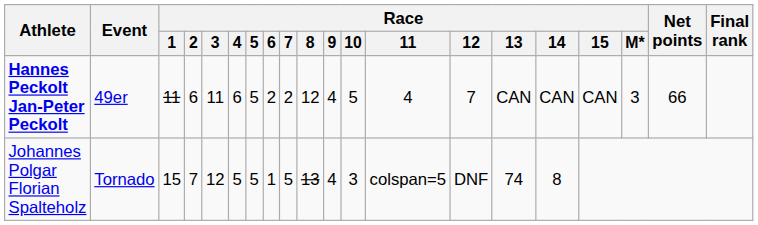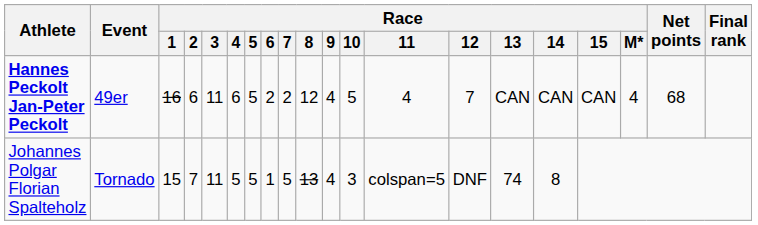 <table class="wikitable" style="font-size:90%">
 <tr>
 <th rowspan=2>Athlete</th>
 <th rowspan=2>Event</th>
 <th colspan=16>Race</th>
 <th rowspan=2>Net points</th>
 <th rowspan=2>Final rank</th>
 </tr>
 <tr style="font-size:95%">
 <th>1</th>
 <th>2</th>
 <th>3</th>
 <th>4</th>
 <th>5</th>
 <th>6</th>
 <th>7</th>
 <th>8</th>
 <th>9</th>
 <th>10</th>
 <th>11</th>
 <th>12</th>
 <th>13</th>
 <th>14</th>
 <th>15</th>
 <th>M*</th>
 </tr>
 <tr align=center>
 <td align=left><strong><a href='#'>Hannes Peckolt</a> <br><a href='#'>Jan-Peter Peckolt</a></strong></td>
 <td align=left><a href='#'>49er</a></td>
-<td><s>11</s></td>
+<td><s>16</s></td>
 <td>6</td>
 <td>11</td>
 <td>6</td>
 <td>5</td>
 <td>2</td>
 <td>2</td>
 <td>12</td>
 <td>4</td>
 <td>5</td>
 <td>4</td>
 <td>7</td>
 <td>CAN</td>
 <td>CAN</td>
 <td>CAN</td>
-<td>3</td>
-<td>66</td>
+<td>4</td>
+<td>68</td>
 <td></td>
 </tr>
 <tr align=center>
 <td align=left><a href='#'>Johannes Polgar</a><br><a href='#'>Florian Spalteholz</a></td>
 <td align=left><a href='#'>Tornado</a></td>
 <td>15</td>
 <td>7</td>
-<td>12</td>
+<td>11</td>
 <td>5</td>
 <td>5</td>
 <td>1</td>
 <td>5</td>
 <td><s>13</s></td>
 <td>4</td>
 <td>3</td>
 <td>colspan=5 </td>
 <td>DNF</td>
 <td>74</td>
 <td>8</td>
 </tr>
 </table>
